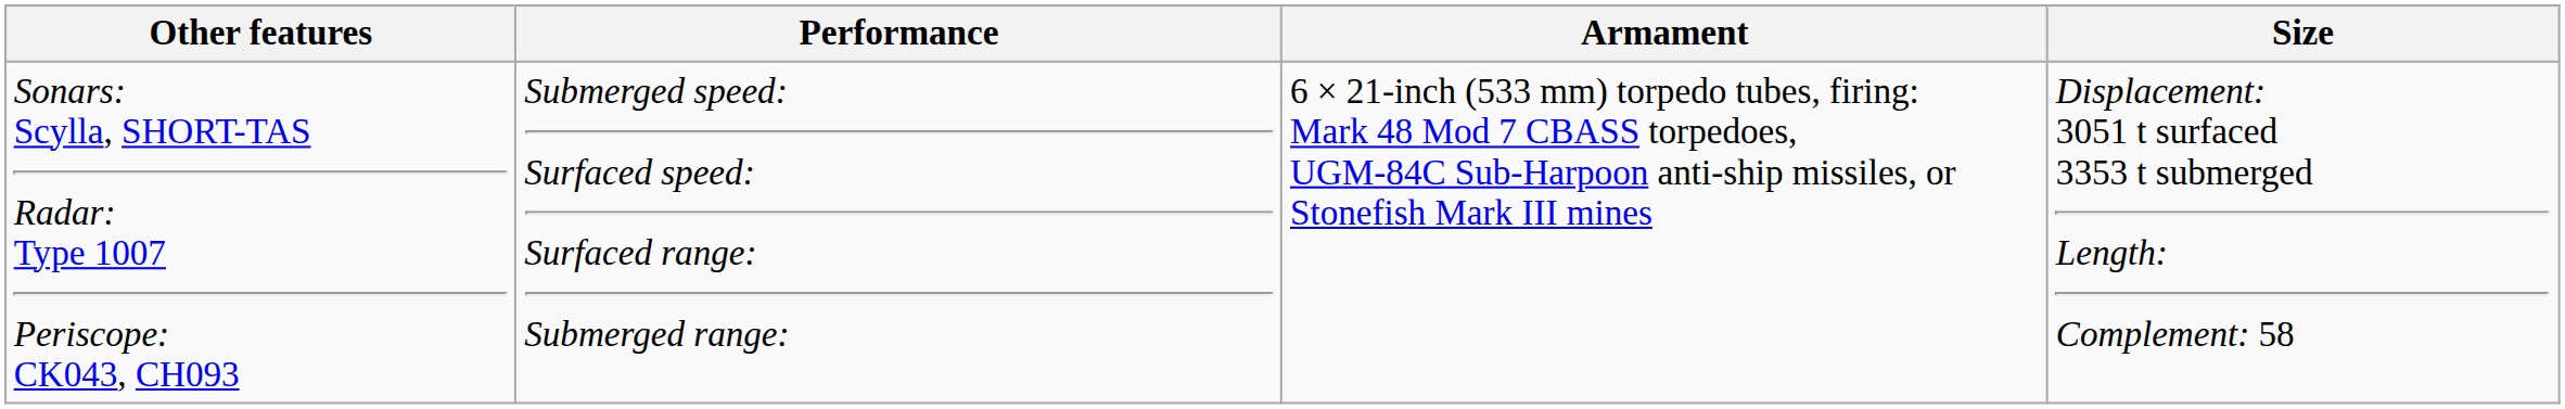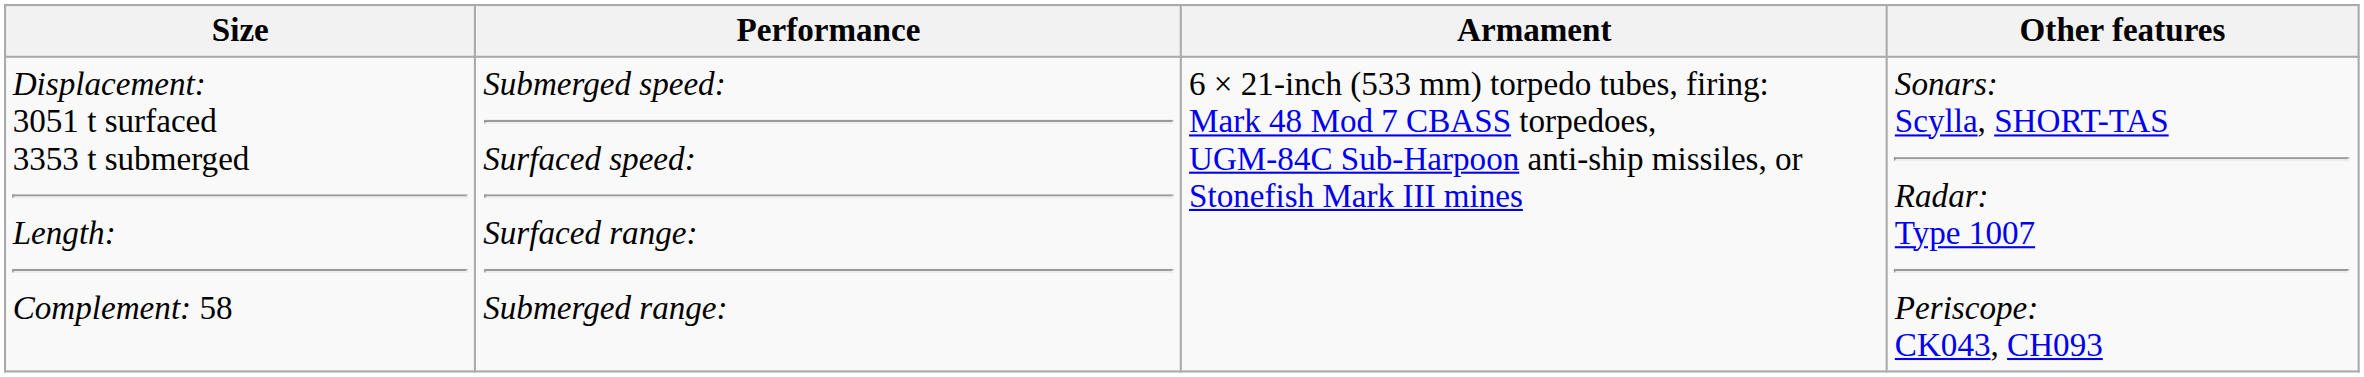 <table class="wikitable" width=90% style="text-align: left">
 <tr bgcolor=lavender>
-<th>Other features</th>
+<th>Size</th>
 <th>Performance</th>
 <th>Armament</th>
-<th>Size</th>
+<th>Other features</th>
 </tr>
 <tr>
-<td valign=top width=20%><em>Sonars:</em><br><a href='#'>Scylla</a>, <a href='#'>SHORT-TAS</a><hr><em>Radar:</em><br><a href='#'>Type 1007</a><hr><em>Periscope:</em><br><a href='#'>CK043</a>, <a href='#'>CH093</a></td>
+<td valign=top width=20%><em>Displacement:</em><br>3051 t surfaced<br>3353 t submerged<hr><em>Length:</em> <hr><em>Complement:</em> 58</td>
 <td valign=top width=30%><em>Submerged speed:</em><br><hr><em>Surfaced speed:</em><br><hr><em>Surfaced range:</em><br><hr><em>Submerged range:</em><br></td>
 <td valign=top width=30%>6 × 21-inch (533 mm) torpedo tubes, firing:<br><a href='#'>Mark 48 Mod 7 CBASS</a> torpedoes,<br><a href='#'>UGM-84C Sub-Harpoon</a> anti-ship missiles, or <br><a href='#'>Stonefish Mark III mines</a></td>
-<td valign=top width=20%><em>Displacement:</em><br>3051 t surfaced<br>3353 t submerged<hr><em>Length:</em> <hr><em>Complement:</em> 58</td>
+<td valign=top width=20%><em>Sonars:</em><br><a href='#'>Scylla</a>, <a href='#'>SHORT-TAS</a><hr><em>Radar:</em><br><a href='#'>Type 1007</a><hr><em>Periscope:</em><br><a href='#'>CK043</a>, <a href='#'>CH093</a></td>
 </tr>
 </table>
